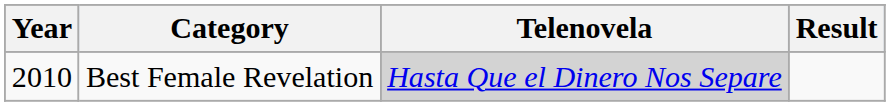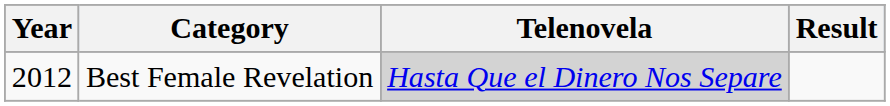 <table class="wikitable">
 <tr style="background:#b0c4de;">
 <th>Year</th>
 <th>Category</th>
 <th>Telenovela</th>
 <th>Result</th>
 </tr>
 <tr>
-<td>2010</td>
+<td>2012</td>
 <td>Best Female Revelation</td>
 <td style="background: lightgrey;"><em><a href='#'>Hasta Que el Dinero Nos Separe</a></em></td>
 <td></td>
 </tr>
 </table>
